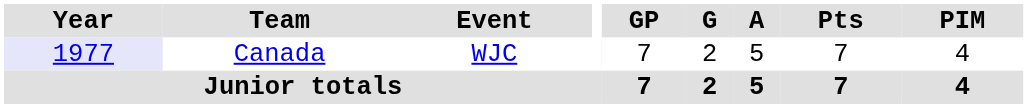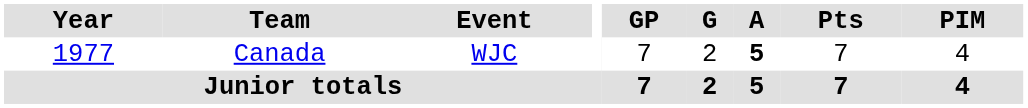 <table border="0" cellpadding="1" cellspacing="0" ID="Table3" style="text-align:center; width:40em">
 <tr bgcolor="#e0e0e0">
 <th>Year</th>
 <th>Team</th>
 <th>Event</th>
 <th rowspan="102" bgcolor="#ffffff"></th>
 <th>GP</th>
 <th>G</th>
 <th>A</th>
 <th>Pts</th>
 <th>PIM</th>
 </tr>
 <tr>
-<td style="background: lavender;"><a href='#'>1977</a></td>
+<td><a href='#'>1977</a></td>
 <td><a href='#'>Canada</a></td>
 <td><a href='#'>WJC</a></td>
 <td>7</td>
 <td>2</td>
-<td>5</td>
+<td><strong>5</strong></td>
 <td>7</td>
 <td>4</td>
 </tr>
 <tr bgcolor="#e0e0e0">
 <th colspan="4">Junior totals</th>
 <th>7</th>
 <th>2</th>
 <th>5</th>
 <th>7</th>
 <th>4</th>
 </tr>
 </table>
